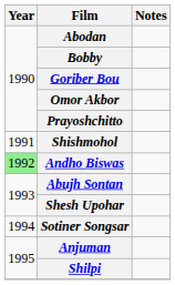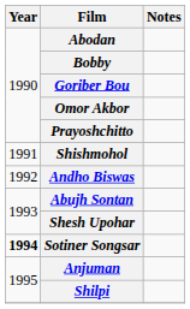 <table class="wikitable sortable">
 <tr>
 <th>Year</th>
 <th>Film</th>
 <th>Notes</th>
 </tr>
 <tr>
 <td rowspan=5>1990</td>
 <th><em>Abodan</em></th>
 <td></td>
 </tr>
 <tr>
 <th><em>Bobby</em></th>
 <td></td>
 </tr>
 <tr>
 <th><em><a href='#'>Goriber Bou</a></em></th>
 <td></td>
 </tr>
 <tr>
 <th><em>Omor Akbor</em></th>
 <td></td>
 </tr>
 <tr>
 <th><em>Prayoshchitto</em></th>
 <td></td>
 </tr>
 <tr>
 <td>1991</td>
 <th><em>Shishmohol</em></th>
 <td></td>
 </tr>
 <tr>
-<td style="background: lightgreen;">1992</td>
+<td>1992</td>
 <th><em><a href='#'>Andho Biswas</a></em></th>
 <td></td>
 </tr>
 <tr>
 <td rowspan=2>1993</td>
 <th><em><a href='#'>Abujh Sontan</a></em></th>
 <td></td>
 </tr>
 <tr>
 <th><em>Shesh Upohar</em></th>
 <td></td>
 </tr>
 <tr>
-<td>1994</td>
+<td><strong>1994</strong></td>
 <th><em>Sotiner Songsar</em></th>
 <td></td>
 </tr>
 <tr>
 <td rowspan=2>1995</td>
 <th><em><a href='#'>Anjuman</a></em></th>
 <td></td>
 </tr>
 <tr>
 <th><em><a href='#'>Shilpi</a></em></th>
 <td></td>
 </tr>
 <tr>
 </tr>
 </table>
